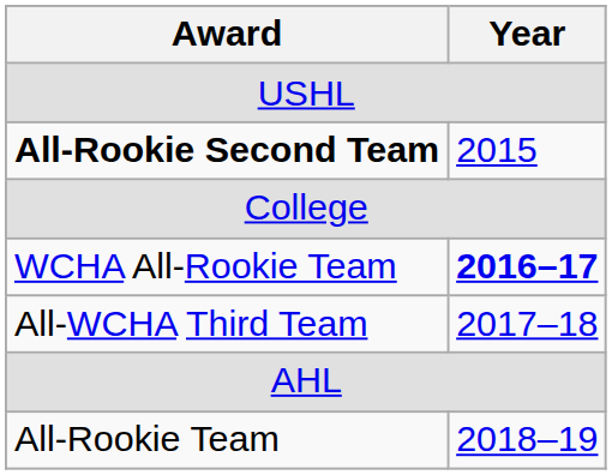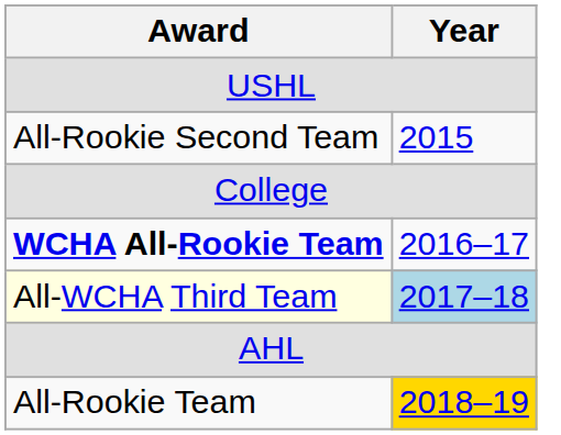 <table class="wikitable">
 <tr>
 <th>Award</th>
 <th>Year</th>
 </tr>
 <tr ALIGN="center" bgcolor="#e0e0e0">
 <td colspan="3"><a href='#'>USHL</a></td>
 </tr>
 <tr>
-<td><strong>All-Rookie Second Team</strong></td>
+<td>All-Rookie Second Team</td>
 <td><a href='#'>2015</a></td>
 </tr>
 <tr ALIGN="center" bgcolor="#e0e0e0">
 <td colspan="3"><a href='#'>College</a></td>
 </tr>
 <tr>
-<td><a href='#'>WCHA</a> All-<a href='#'>Rookie Team</a></td>
-<td><strong><a href='#'>2016–17</a></strong></td>
+<td><strong><a href='#'>WCHA</a> All-<a href='#'>Rookie Team</a></strong></td>
+<td><a href='#'>2016–17</a></td>
 </tr>
 <tr>
-<td>All-<a href='#'>WCHA</a> <a href='#'>Third Team</a></td>
-<td><a href='#'>2017–18</a></td>
+<td style="background: lightyellow;">All-<a href='#'>WCHA</a> <a href='#'>Third Team</a></td>
+<td style="background: lightblue;"><a href='#'>2017–18</a></td>
 </tr>
 <tr ALIGN="center" bgcolor="#e0e0e0">
 <td colspan="3"><a href='#'>AHL</a></td>
 </tr>
 <tr>
 <td>All-Rookie Team</td>
-<td><a href='#'>2018–19</a></td>
+<td style="background: gold;"><a href='#'>2018–19</a></td>
 </tr>
 </table>
